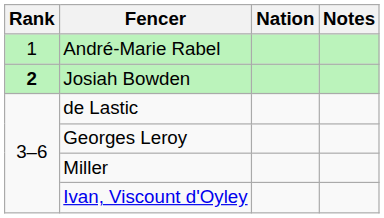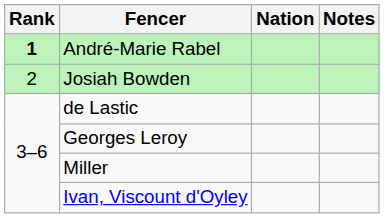 <table class="wikitable sortable" style="text-align:center">
 <tr>
 <th>Rank</th>
 <th>Fencer</th>
 <th>Nation</th>
 <th>Notes</th>
 </tr>
 <tr bgcolor=bbf3bb>
-<td>1</td>
+<td><strong>1</strong></td>
 <td align=left>André-Marie Rabel</td>
 <td align=left></td>
 <td></td>
 </tr>
 <tr bgcolor=bbf3bb>
-<td><strong>2</strong></td>
+<td>2</td>
 <td align=left>Josiah Bowden</td>
 <td align=left></td>
 <td></td>
 </tr>
 <tr>
 <td rowspan=4 align=center>3–6</td>
 <td align=left>de Lastic</td>
 <td align=left></td>
 <td></td>
 </tr>
 <tr>
 <td align=left>Georges Leroy</td>
 <td align=left></td>
 <td></td>
 </tr>
 <tr>
 <td align=left>Miller</td>
 <td align=left></td>
 <td></td>
 </tr>
 <tr>
 <td align=left><a href='#'>Ivan, Viscount d'Oyley</a></td>
 <td align=left></td>
 <td></td>
 </tr>
 </table>
